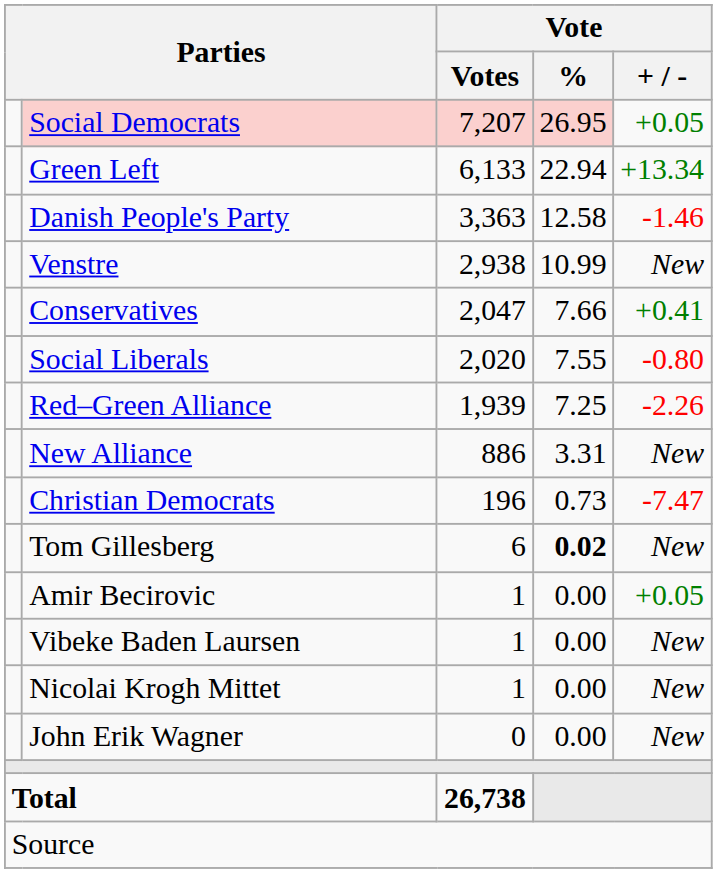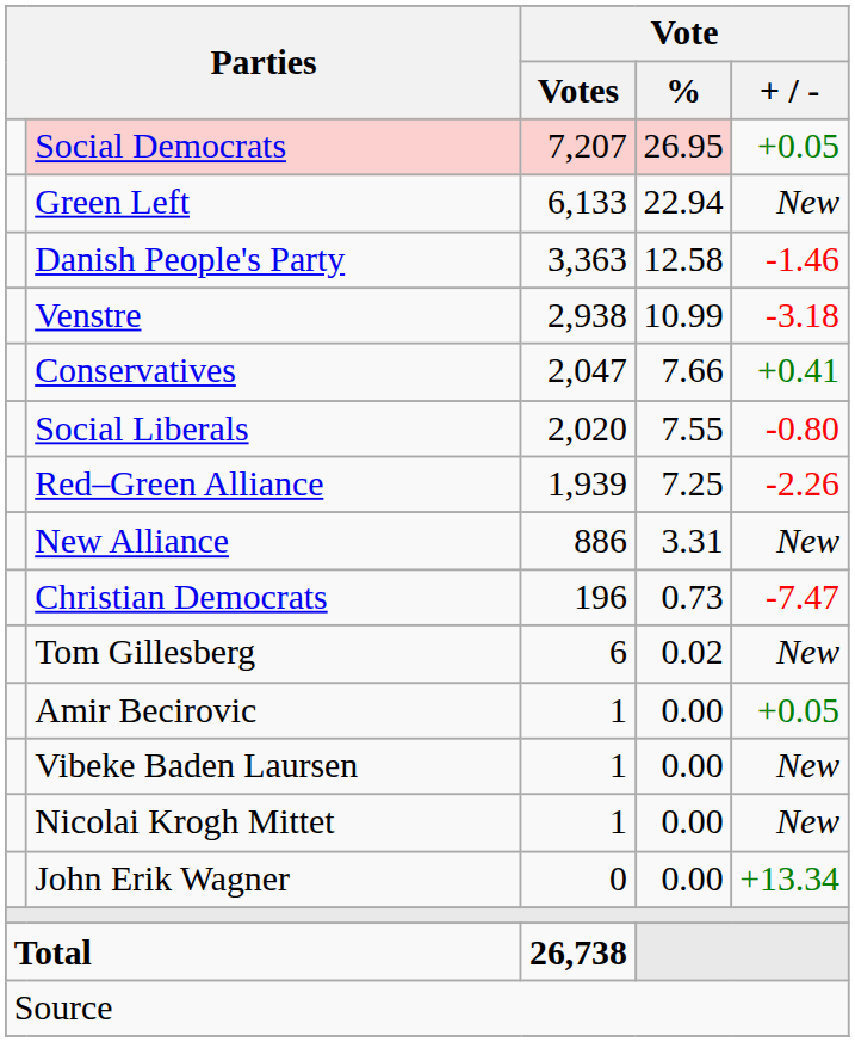 <table class="wikitable" style="text-align:right;">
 <tr>
 <th style="text-align:centre;" rowspan="2" colspan="2" width="225">Parties</th>
 <th colspan="3">Vote</th>
 </tr>
 <tr>
 <th width="15">Votes</th>
 <th width="15">%</th>
 <th width="15">+ / -</th>
 </tr>
 <tr>
 <td width="2" style="color:inherit;background:"></td>
 <td bgcolor=#fbd0ce  align="left"><a href='#'>Social Democrats</a></td>
 <td bgcolor=#fbd0ce>7,207</td>
 <td bgcolor=#fbd0ce>26.95</td>
 <td style=color:green;>+0.05</td>
 </tr>
 <tr>
 <td width="2" style="color:inherit;background:"></td>
 <td align="left"><a href='#'>Green Left</a></td>
 <td>6,133</td>
 <td>22.94</td>
-<td style=color:green;>+13.34</td>
+<td><em>New</em></td>
 </tr>
 <tr>
 <td width="2" style="color:inherit;background:"></td>
 <td align="left"><a href='#'>Danish People's Party</a></td>
 <td>3,363</td>
 <td>12.58</td>
 <td style=color:red;>-1.46</td>
 </tr>
 <tr>
 <td width="2" style="color:inherit;background:"></td>
 <td align="left"><a href='#'>Venstre</a></td>
 <td>2,938</td>
 <td>10.99</td>
-<td><em>New</em></td>
+<td style=color:red;>-3.18</td>
 </tr>
 <tr>
 <td width="2" style="color:inherit;background:"></td>
 <td align="left"><a href='#'>Conservatives</a></td>
 <td>2,047</td>
 <td>7.66</td>
 <td style=color:green;>+0.41</td>
 </tr>
 <tr>
 <td width="2" style="color:inherit;background:"></td>
 <td align="left"><a href='#'>Social Liberals</a></td>
 <td>2,020</td>
 <td>7.55</td>
 <td style=color:red;>-0.80</td>
 </tr>
 <tr>
 <td width="2" style="color:inherit;background:"></td>
 <td align="left"><a href='#'>Red–Green Alliance</a></td>
 <td>1,939</td>
 <td>7.25</td>
 <td style=color:red;>-2.26</td>
 </tr>
 <tr>
 <td width="2" style="color:inherit;background:"></td>
 <td align="left"><a href='#'>New Alliance</a></td>
 <td>886</td>
 <td>3.31</td>
 <td><em>New</em></td>
 </tr>
 <tr>
 <td width="2" style="color:inherit;background:"></td>
 <td align="left"><a href='#'>Christian Democrats</a></td>
 <td>196</td>
 <td>0.73</td>
 <td style=color:red;>-7.47</td>
 </tr>
 <tr>
 <td width="2" style="color:inherit;background:"></td>
 <td align="left">Tom Gillesberg</td>
 <td>6</td>
-<td><strong>0.02</strong></td>
+<td>0.02</td>
 <td><em>New</em></td>
 </tr>
 <tr>
 <td width="2" style="color:inherit;background:"></td>
 <td align="left">Amir Becirovic</td>
 <td>1</td>
 <td>0.00</td>
 <td style=color:green;>+0.05</td>
 </tr>
 <tr>
 <td width="2" style="color:inherit;background:"></td>
 <td align="left">Vibeke Baden Laursen</td>
 <td>1</td>
 <td>0.00</td>
 <td><em>New</em></td>
 </tr>
 <tr>
 <td width="2" style="color:inherit;background:"></td>
 <td align="left">Nicolai Krogh Mittet</td>
 <td>1</td>
 <td>0.00</td>
 <td><em>New</em></td>
 </tr>
 <tr>
 <td width="2" style="color:inherit;background:"></td>
 <td align="left">John Erik Wagner</td>
 <td>0</td>
 <td>0.00</td>
-<td><em>New</em></td>
+<td style=color:green;>+13.34</td>
 </tr>
 <tr>
 <td colspan="7" bgcolor="#E9E9E9"></td>
 </tr>
 <tr>
 <td align="left" colspan="2"><strong>Total</strong></td>
 <td><strong>26,738</strong></td>
 <td bgcolor="#E9E9E9" colspan="2"></td>
 </tr>
 <tr>
 <td align="left" colspan="6">Source</td>
 </tr>
 </table>
